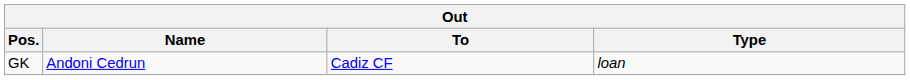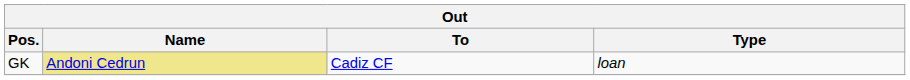 <table class="wikitable" style="font-size:90%;width:99%;">
 <tr>
 <th colspan="4">Out</th>
 </tr>
 <tr>
 <th width=3%>Pos.</th>
 <th width=32%>Name</th>
 <th width=30%>To</th>
 <th width=35%>Type</th>
 </tr>
 <tr>
 <td>GK</td>
-<td><a href='#'>Andoni Cedrun</a></td>
+<td style="background: khaki;"><a href='#'>Andoni Cedrun</a></td>
 <td><a href='#'>Cadiz CF</a></td>
 <td><em>loan</em></td>
 </tr>
 <tr>
 </tr>
 </table>
